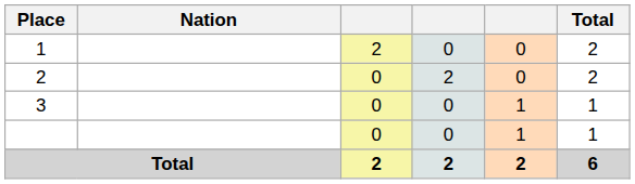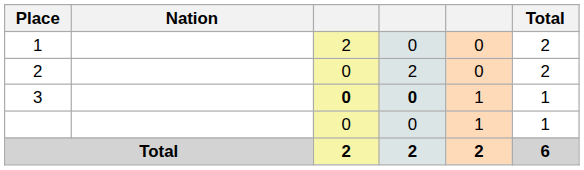 <table class=wikitable style="border:1px solid #AAAAAA;font-size:90%">
 <tr bgcolor="#EFEFEF">
 <th width=50>Place</th>
 <th width=200>Nation</th>
 <th width=50></th>
 <th width=50></th>
 <th width=50></th>
 <th width=50>Total</th>
 </tr>
 <tr align="center" valign="top" bgcolor="#FFFFFF">
 <td>1</td>
 <td align="left"></td>
 <td style="background:#F7F6A8;">2</td>
 <td style="background:#DCE5E5;">0</td>
 <td style="background:#FFDAB9;">0</td>
 <td>2</td>
 </tr>
 <tr align="center" valign="top" bgcolor="#FFFFFF">
 <td>2</td>
 <td align="left"></td>
 <td style="background:#F7F6A8;">0</td>
 <td style="background:#DCE5E5;">2</td>
 <td style="background:#FFDAB9;">0</td>
 <td>2</td>
 </tr>
 <tr align="center" valign="top" bgcolor="#FFFFFF">
 <td>3</td>
 <td align="left"></td>
-<td style="background:#F7F6A8;">0</td>
-<td style="background:#DCE5E5;">0</td>
+<td style="background:#F7F6A8;"><strong>0</strong></td>
+<td style="background:#DCE5E5;"><strong>0</strong></td>
 <td style="background:#FFDAB9;">1</td>
 <td>1</td>
 </tr>
 <tr align="center" valign="top" bgcolor="#FFFFFF">
 <td></td>
 <td align="left"></td>
 <td style="background:#F7F6A8;">0</td>
 <td style="background:#DCE5E5;">0</td>
 <td style="background:#FFDAB9;">1</td>
 <td>1</td>
 </tr>
 <tr align="center">
 <td colspan="2" bgcolor=D3D3D3><strong>Total</strong></td>
 <td style="background:#F7F6A8;"><strong>2</strong></td>
 <td style="background:#DCE5E5;"><strong>2</strong></td>
 <td style="background:#FFDAB9;"><strong>2</strong></td>
 <td bgcolor=D3D3D3><strong>6</strong></td>
 </tr>
 </table>
